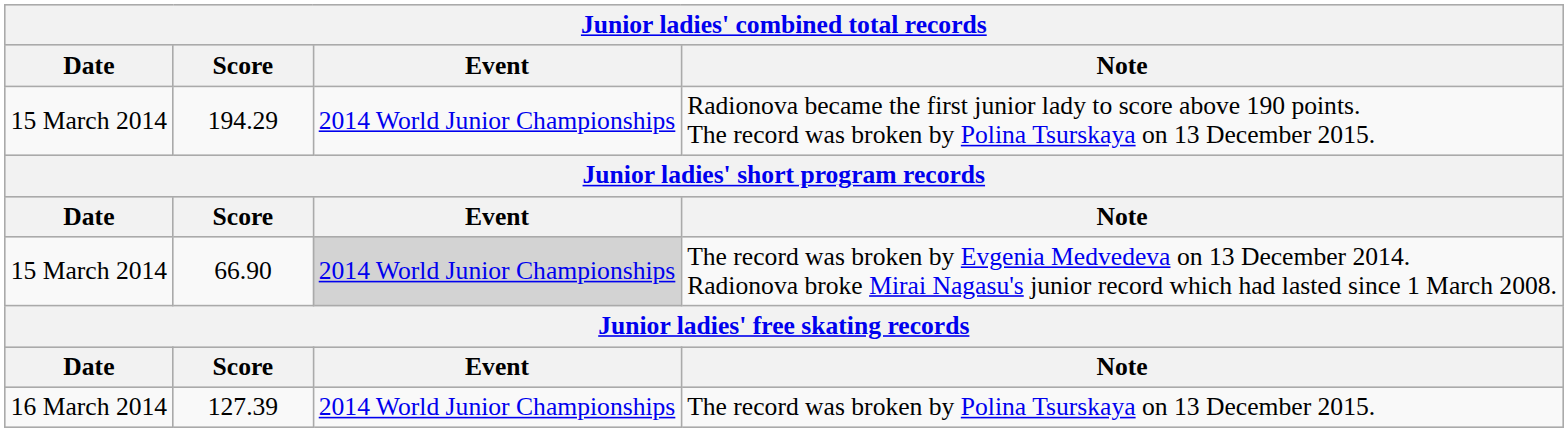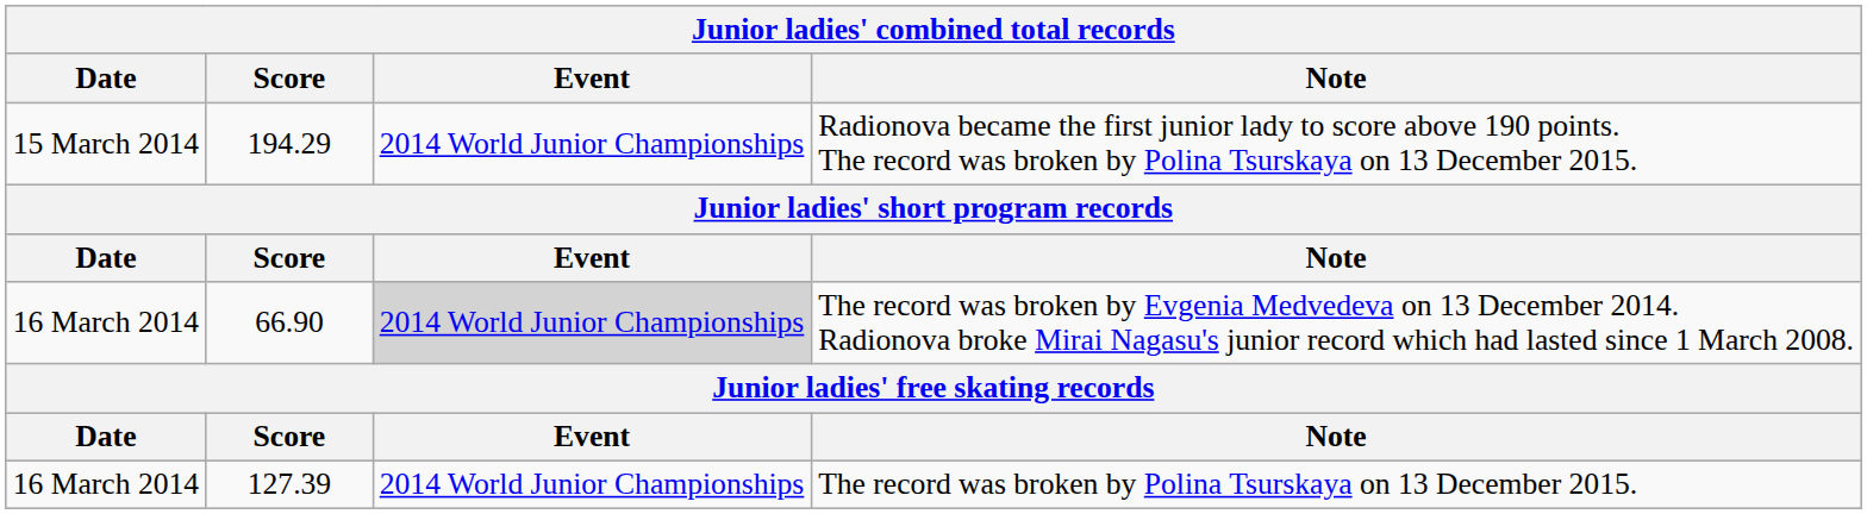 <table class="wikitable sortable">
 <tr>
 <th colspan=4 align=center><a href='#'>Junior ladies' combined total records</a></th>
 </tr>
 <tr>
 <th>Date</th>
 <th style="width:80px;">Score</th>
 <th>Event</th>
 <th>Note</th>
 </tr>
 <tr>
 <td>15 March 2014</td>
 <td style="text-align:center;">194.29</td>
 <td><a href='#'>2014 World Junior Championships</a></td>
 <td>Radionova became the first junior lady to score above 190 points. <br> The record was broken by <a href='#'>Polina Tsurskaya</a> on 13 December 2015.</td>
 </tr>
 <tr>
 <th colspan=4 align=center><a href='#'>Junior ladies' short program records</a></th>
 </tr>
 <tr>
 <th>Date</th>
 <th style="width:80px;">Score</th>
 <th>Event</th>
 <th>Note</th>
 </tr>
 <tr>
-<td>15 March 2014</td>
+<td>16 March 2014</td>
 <td style="text-align:center;">66.90</td>
 <td style="background: lightgrey;"><a href='#'>2014 World Junior Championships</a></td>
 <td>The record was broken by <a href='#'>Evgenia Medvedeva</a> on 13 December 2014. <br> Radionova broke <a href='#'>Mirai Nagasu's</a> junior record which had lasted since 1 March 2008.</td>
 </tr>
 <tr>
 <th colspan=4 align=center><a href='#'>Junior ladies' free skating records</a></th>
 </tr>
 <tr>
 <th>Date</th>
 <th style="width:80px;">Score</th>
 <th>Event</th>
 <th>Note</th>
 </tr>
 <tr>
 <td>16 March 2014</td>
 <td style="text-align:center;">127.39</td>
 <td><a href='#'>2014 World Junior Championships</a></td>
 <td>The record was broken by <a href='#'>Polina Tsurskaya</a> on 13 December 2015.</td>
 </tr>
 </table>
